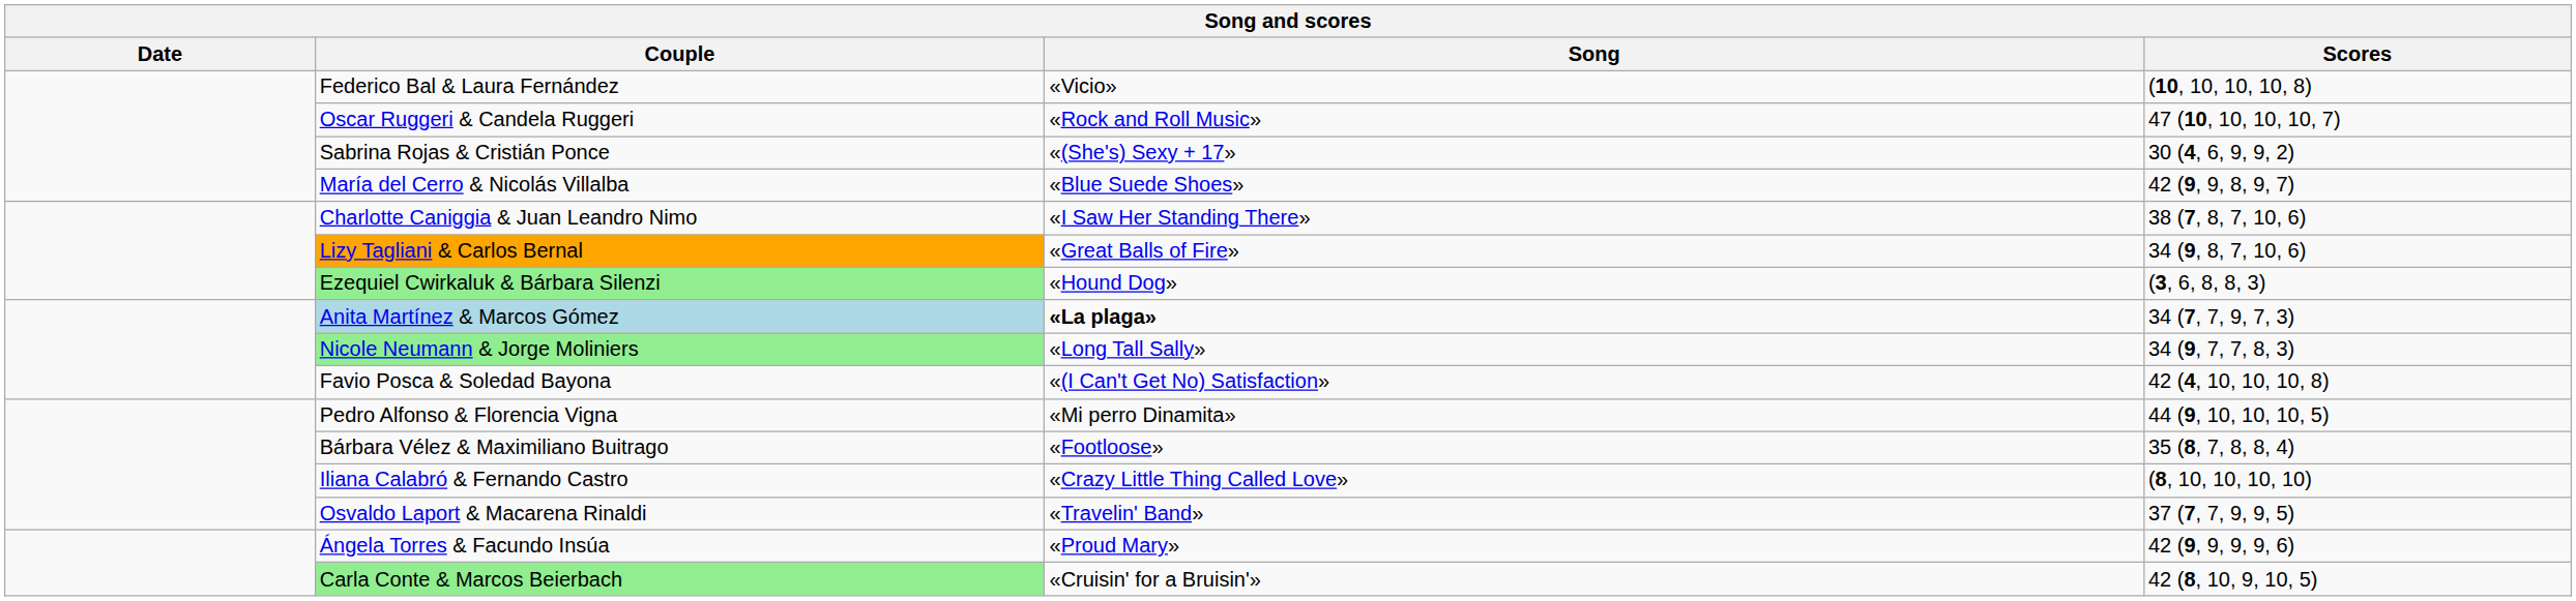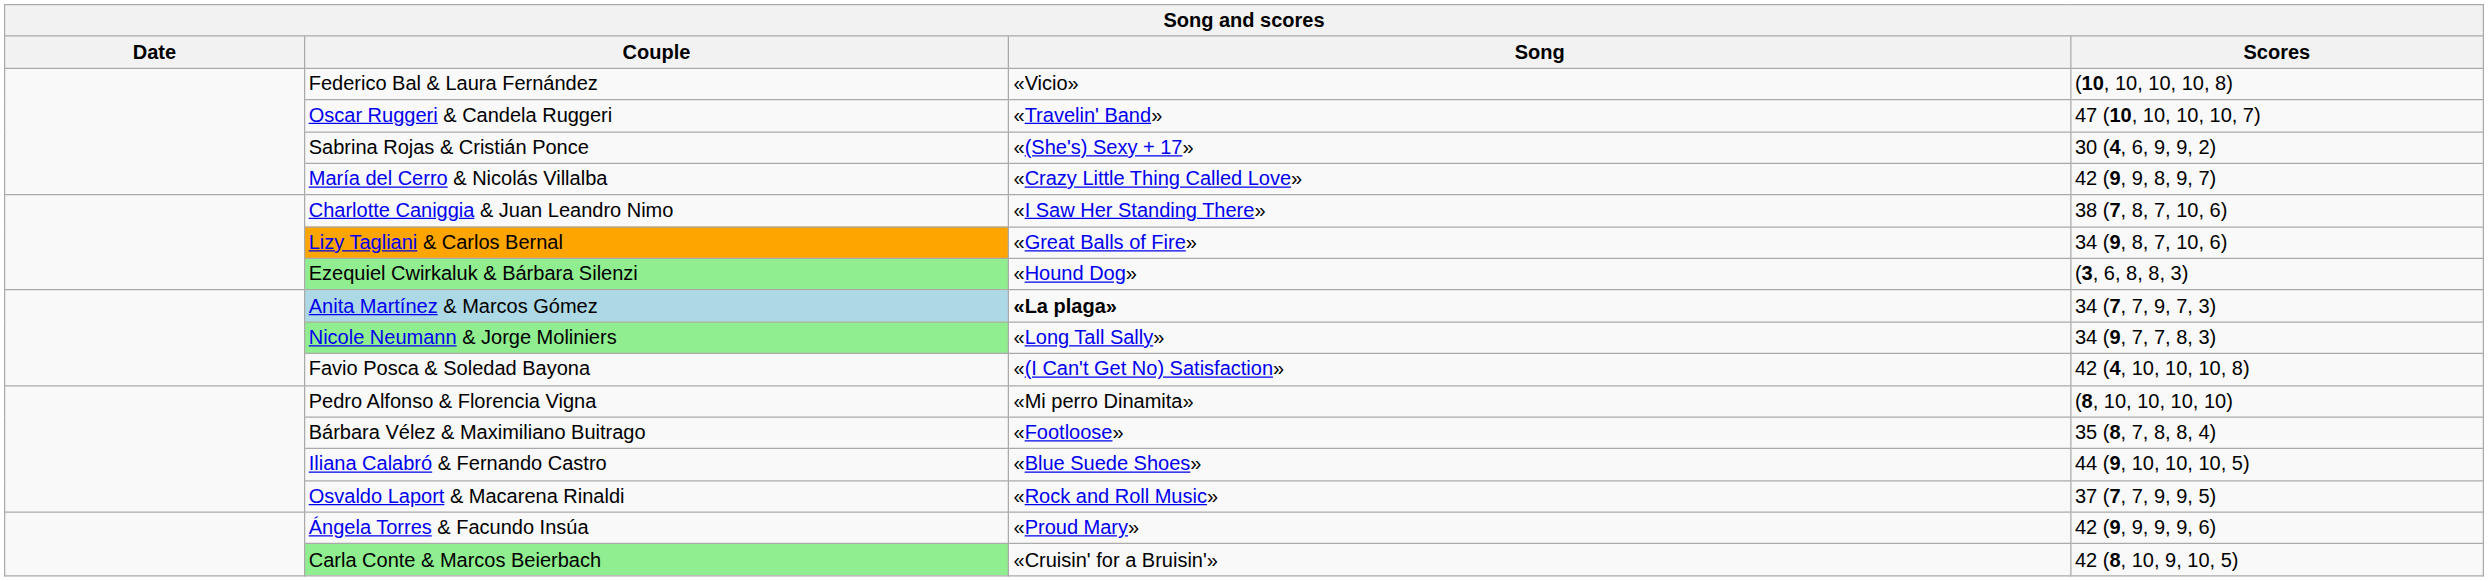 <table class="wikitable collapsible collapsed" style=" text-align: align; width: 100%;">
 <tr>
 <th colspan="11" style="with: 100%;" align="center">Song and scores</th>
 </tr>
 <tr>
 <th width=85>Date</th>
 <th width=210>Couple</th>
 <th width=320>Song</th>
 <th width=120>Scores</th>
 </tr>
 <tr>
 <td rowspan="4"></td>
 <td bgcolor="">Federico Bal & Laura Fernández</td>
 <td>«Vicio» </td>
 <td> (<strong>10</strong>, 10, 10, 10, 8)</td>
 </tr>
 <tr>
 <td bgcolor=""><a href='#'>Oscar Ruggeri</a> & Candela Ruggeri</td>
-<td>«<a href='#'>Rock and Roll Music</a>» </td>
+<td>«<a href='#'>Travelin' Band</a>» </td>
 <td>47 (<strong>10</strong>, 10, 10, 10, 7)</td>
 </tr>
 <tr>
 <td bgcolor="">Sabrina Rojas & Cristián Ponce</td>
 <td>«<a href='#'>(She's) Sexy + 17</a>» </td>
 <td>30 (<strong>4</strong>, 6, 9, 9, 2)</td>
 </tr>
 <tr>
 <td bgcolor=""><a href='#'>María del Cerro</a> & Nicolás Villalba</td>
-<td>«<a href='#'>Blue Suede Shoes</a>» </td>
+<td>«<a href='#'>Crazy Little Thing Called Love</a>» </td>
 <td>42 (<strong>9</strong>, 9, 8, 9, 7)</td>
 </tr>
 <tr>
 <td rowspan="3"></td>
 <td bgcolor=""><a href='#'>Charlotte Caniggia</a> & Juan Leandro Nimo</td>
 <td>«<a href='#'>I Saw Her Standing There</a>» </td>
 <td>38 (<strong>7</strong>, 8, 7, 10, 6)</td>
 </tr>
 <tr>
 <td bgcolor="orange"><a href='#'>Lizy Tagliani</a> & Carlos Bernal</td>
 <td>«<a href='#'>Great Balls of Fire</a>» </td>
 <td>34 (<strong>9</strong>, 8, 7, 10, 6)</td>
 </tr>
 <tr>
 <td bgcolor="lightgreen">Ezequiel Cwirkaluk & Bárbara Silenzi</td>
 <td>«<a href='#'>Hound Dog</a>» </td>
 <td> (<strong>3</strong>, 6, 8, 8, 3)</td>
 </tr>
 <tr>
 <td rowspan="3"></td>
 <td bgcolor="lightblue"><a href='#'>Anita Martínez</a> & Marcos Gómez</td>
 <td><strong>«La plaga» </strong></td>
 <td>34 (<strong>7</strong>, 7, 9, 7, 3)</td>
 </tr>
 <tr>
 <td bgcolor="lightgreen"><a href='#'>Nicole Neumann</a> & Jorge Moliniers</td>
 <td>«<a href='#'>Long Tall Sally</a>» </td>
 <td>34 (<strong>9</strong>, 7, 7, 8, 3)</td>
 </tr>
 <tr>
 <td bgcolor="">Favio Posca & Soledad Bayona</td>
 <td>«<a href='#'>(I Can't Get No) Satisfaction</a>» </td>
 <td>42 (<strong>4</strong>, 10, 10, 10, 8)</td>
 </tr>
 <tr>
 <td rowspan="4"></td>
 <td bgcolor="">Pedro Alfonso & Florencia Vigna</td>
 <td>«Mi perro Dinamita» </td>
-<td>44 (<strong>9</strong>, 10, 10, 10, 5)</td>
+<td> (<strong>8</strong>, 10, 10, 10, 10)</td>
 </tr>
 <tr>
 <td bgcolor="">Bárbara Vélez & Maximiliano Buitrago</td>
 <td>«<a href='#'>Footloose</a>» </td>
 <td>35 (<strong>8</strong>, 7, 8, 8, 4)</td>
 </tr>
 <tr>
 <td bgcolor=""><a href='#'>Iliana Calabró</a> & Fernando Castro</td>
-<td>«<a href='#'>Crazy Little Thing Called Love</a>» </td>
-<td> (<strong>8</strong>, 10, 10, 10, 10)</td>
+<td>«<a href='#'>Blue Suede Shoes</a>» </td>
+<td>44 (<strong>9</strong>, 10, 10, 10, 5)</td>
 </tr>
 <tr>
 <td bgcolor=""><a href='#'>Osvaldo Laport</a> & Macarena Rinaldi</td>
-<td>«<a href='#'>Travelin' Band</a>» </td>
+<td>«<a href='#'>Rock and Roll Music</a>» </td>
 <td>37 (<strong>7</strong>, 7, 9, 9, 5)</td>
 </tr>
 <tr>
 <td rowspan="2"></td>
 <td bgcolor=""><a href='#'>Ángela Torres</a> & Facundo Insúa</td>
 <td>«<a href='#'>Proud Mary</a>» </td>
 <td>42 (<strong>9</strong>, 9, 9, 9, 6)</td>
 </tr>
 <tr>
 <td bgcolor="lightgreen">Carla Conte & Marcos Beierbach</td>
 <td>«Cruisin' for a Bruisin'» </td>
 <td>42 (<strong>8</strong>, 10, 9, 10, 5)</td>
 </tr>
 </table>
